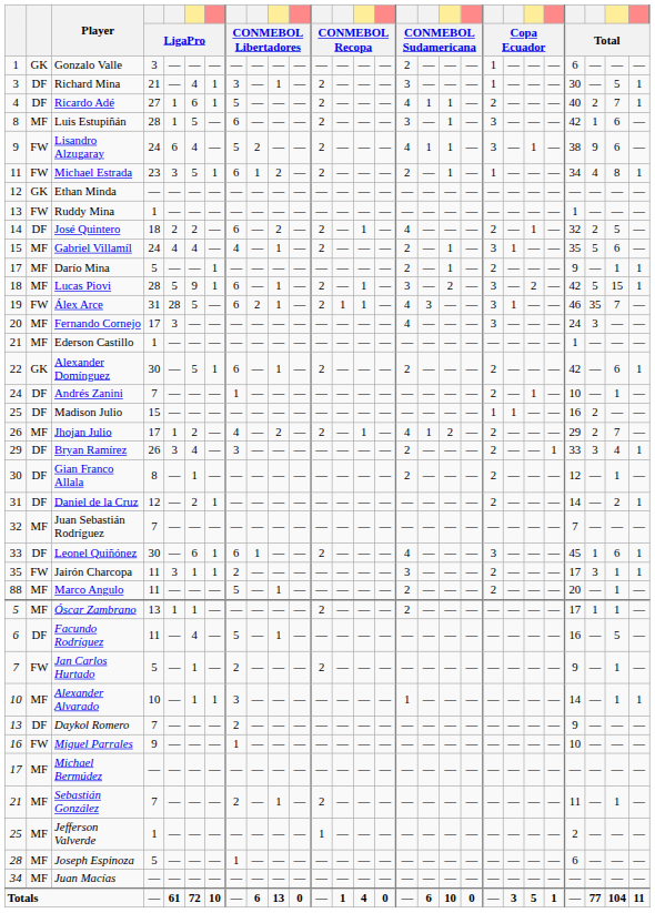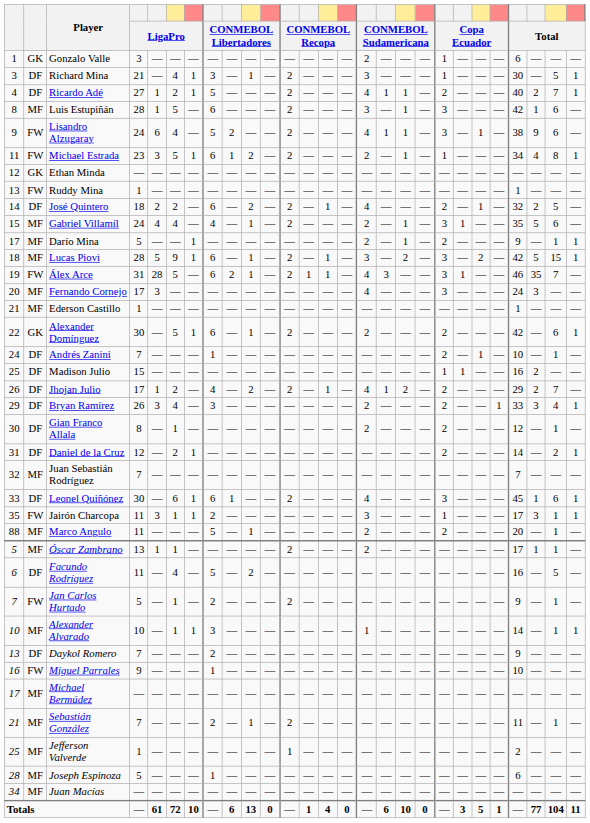 <table class="wikitable sortable" style="text-align: center;">
 <tr>
 <th rowspan="2" width=30 align="center"><br></th>
 <th rowspan="2" width=30 align="center"><br></th>
 <th rowspan="2" width=175 align="center">Player<br></th>
 <th width=25 style="background:"><br></th>
 <th width=25 style="background:"><br></th>
 <th width=25 style="background: #FFEE99"><br></th>
 <th width=25 style="border-right:2px solid grey; background:#FF8888"><br></th>
 <th width=25 style="background:"><br></th>
 <th width=25 style="background:"><br></th>
 <th width=25 style="background: #FFEE99"><br></th>
 <th width=25 style="border-right:2px solid grey; background:#FF8888"><br></th>
 <th width=25 style="background:"><br></th>
 <th width=25 style="background:"><br></th>
 <th width=25 style="background: #FFEE99"><br></th>
 <th width=25 style="border-right:2px solid grey; background:#FF8888"><br></th>
 <th width=25 style="background:"><br></th>
 <th width=25 style="background:"><br></th>
 <th width=25 style="background: #FFEE99"><br></th>
 <th width=25 style="border-right:2px solid grey; background:#FF8888"><br></th>
 <th width=25 style="background:"><br></th>
 <th width=25 style="background:"><br></th>
 <th width=25 style="background: #FFEE99"><br></th>
 <th width=25 style="border-right:2px solid grey; background:#FF8888"><br></th>
 <th width=25 style="background:"><br></th>
 <th width=25 style="background:"><br></th>
 <th width=25 style="background: #FFEE99"><br></th>
 <th width=25 style="border-right:2px solid grey; background:#FF8888"><br></th>
 </tr>
 <tr class="sortbottom">
 <th colspan="4" style="border-right:2px solid grey;" align="center"><a href='#'>LigaPro</a></th>
 <th colspan="4" style="border-right:2px solid grey;" align="center"><a href='#'>CONMEBOL<br>Libertadores</a></th>
 <th colspan="4" style="border-right:2px solid grey;" align="center"><a href='#'>CONMEBOL<br>Recopa</a></th>
 <th colspan="4" style="border-right:2px solid grey;" align="center"><a href='#'>CONMEBOL<br>Sudamericana</a></th>
 <th colspan="4" style="border-right:2px solid grey;" align="center"><a href='#'>Copa<br>Ecuador</a></th>
 <th colspan="4" align="center">Total</th>
 </tr>
 <tr>
 <td>1</td>
 <td>GK</td>
 <td align=left>Gonzalo Valle</td>
 <td>3</td>
 <td>—</td>
 <td>—</td>
 <td>—</td>
 <td style="border-left:2px solid grey">—</td>
 <td>—</td>
 <td>—</td>
 <td>—</td>
 <td style="border-left:2px solid grey">—</td>
 <td>—</td>
 <td>—</td>
 <td>—</td>
 <td style="border-left:2px solid grey">2</td>
 <td>—</td>
 <td>—</td>
 <td>—</td>
 <td style="border-left:2px solid grey">1</td>
 <td>—</td>
 <td>—</td>
 <td>—</td>
 <td style="border-left:2px solid grey">6</td>
 <td>—</td>
 <td>—</td>
 <td>—</td>
 </tr>
 <tr>
 <td>3</td>
 <td>DF</td>
 <td align=left>Richard Mina</td>
 <td>21</td>
 <td>—</td>
 <td>4</td>
 <td>1</td>
 <td style="border-left:2px solid grey">3</td>
 <td>—</td>
 <td>1</td>
 <td>—</td>
 <td style="border-left:2px solid grey">2</td>
 <td>—</td>
 <td>—</td>
 <td>—</td>
 <td style="border-left:2px solid grey">3</td>
 <td>—</td>
 <td>—</td>
 <td>—</td>
 <td style="border-left:2px solid grey">1</td>
 <td>—</td>
 <td>—</td>
 <td>—</td>
 <td style="border-left:2px solid grey">30</td>
 <td>—</td>
 <td>5</td>
 <td>1</td>
 </tr>
 <tr>
 <td>4</td>
 <td>DF</td>
 <td align=left><a href='#'>Ricardo Adé</a></td>
 <td>27</td>
 <td>1</td>
-<td>6</td>
+<td>2</td>
 <td>1</td>
 <td style="border-left:2px solid grey">5</td>
 <td>—</td>
 <td>—</td>
 <td>—</td>
 <td style="border-left:2px solid grey">2</td>
 <td>—</td>
 <td>—</td>
 <td>—</td>
 <td style="border-left:2px solid grey">4</td>
 <td>1</td>
 <td>1</td>
 <td>—</td>
 <td style="border-left:2px solid grey">2</td>
 <td>—</td>
 <td>—</td>
 <td>—</td>
 <td style="border-left:2px solid grey">40</td>
 <td>2</td>
 <td>7</td>
 <td>1</td>
 </tr>
 <tr>
 <td>8</td>
 <td>MF</td>
 <td align=left>Luis Estupiñán</td>
 <td>28</td>
 <td>1</td>
 <td>5</td>
 <td>—</td>
 <td style="border-left:2px solid grey">6</td>
 <td>—</td>
 <td>—</td>
 <td>—</td>
 <td style="border-left:2px solid grey">2</td>
 <td>—</td>
 <td>—</td>
 <td>—</td>
 <td style="border-left:2px solid grey">3</td>
 <td>—</td>
 <td>1</td>
 <td>—</td>
 <td style="border-left:2px solid grey">3</td>
 <td>—</td>
 <td>—</td>
 <td>—</td>
 <td style="border-left:2px solid grey">42</td>
 <td>1</td>
 <td>6</td>
 <td>—</td>
 </tr>
 <tr>
 <td>9</td>
 <td>FW</td>
 <td align=left><a href='#'>Lisandro Alzugaray</a></td>
 <td>24</td>
 <td>6</td>
 <td>4</td>
 <td>—</td>
 <td style="border-left:2px solid grey">5</td>
 <td>2</td>
 <td>—</td>
 <td>—</td>
 <td style="border-left:2px solid grey">2</td>
 <td>—</td>
 <td>—</td>
 <td>—</td>
 <td style="border-left:2px solid grey">4</td>
 <td>1</td>
 <td>1</td>
 <td>—</td>
 <td style="border-left:2px solid grey">3</td>
 <td>—</td>
 <td>1</td>
 <td>—</td>
 <td style="border-left:2px solid grey">38</td>
 <td>9</td>
 <td>6</td>
 <td>—</td>
 </tr>
 <tr>
 <td>11</td>
 <td>FW</td>
 <td align=left><a href='#'>Michael Estrada</a></td>
 <td>23</td>
 <td>3</td>
 <td>5</td>
 <td>1</td>
 <td style="border-left:2px solid grey">6</td>
 <td>1</td>
 <td>2</td>
 <td>—</td>
 <td style="border-left:2px solid grey">2</td>
 <td>—</td>
 <td>—</td>
 <td>—</td>
 <td style="border-left:2px solid grey">2</td>
 <td>—</td>
 <td>1</td>
 <td>—</td>
 <td style="border-left:2px solid grey">1</td>
 <td>—</td>
 <td>—</td>
 <td>—</td>
 <td style="border-left:2px solid grey">34</td>
 <td>4</td>
 <td>8</td>
 <td>1</td>
 </tr>
 <tr>
 <td>12</td>
 <td>GK</td>
 <td align=left>Ethan Minda</td>
 <td>—</td>
 <td>—</td>
 <td>—</td>
 <td>—</td>
 <td style="border-left:2px solid grey">—</td>
 <td>—</td>
 <td>—</td>
 <td>—</td>
 <td style="border-left:2px solid grey">—</td>
 <td>—</td>
 <td>—</td>
 <td>—</td>
 <td style="border-left:2px solid grey">—</td>
 <td>—</td>
 <td>—</td>
 <td>—</td>
 <td style="border-left:2px solid grey">—</td>
 <td>—</td>
 <td>—</td>
 <td>—</td>
 <td style="border-left:2px solid grey">—</td>
 <td>—</td>
 <td>—</td>
 <td>—</td>
 </tr>
 <tr>
 <td>13</td>
 <td>FW</td>
 <td align=left>Ruddy Mina</td>
 <td>1</td>
 <td>—</td>
 <td>—</td>
 <td>—</td>
 <td style="border-left:2px solid grey">—</td>
 <td>—</td>
 <td>—</td>
 <td>—</td>
 <td style="border-left:2px solid grey">—</td>
 <td>—</td>
 <td>—</td>
 <td>—</td>
 <td style="border-left:2px solid grey">—</td>
 <td>—</td>
 <td>—</td>
 <td>—</td>
 <td style="border-left:2px solid grey">—</td>
 <td>—</td>
 <td>—</td>
 <td>—</td>
 <td style="border-left:2px solid grey">1</td>
 <td>—</td>
 <td>—</td>
 <td>—</td>
 </tr>
 <tr>
 <td>14</td>
 <td>DF</td>
 <td align=left><a href='#'>José Quintero</a></td>
 <td>18</td>
 <td>2</td>
 <td>2</td>
 <td>—</td>
 <td style="border-left:2px solid grey">6</td>
 <td>—</td>
 <td>2</td>
 <td>—</td>
 <td style="border-left:2px solid grey">2</td>
 <td>—</td>
 <td>1</td>
 <td>—</td>
 <td style="border-left:2px solid grey">4</td>
 <td>—</td>
 <td>—</td>
 <td>—</td>
 <td style="border-left:2px solid grey">2</td>
 <td>—</td>
 <td>1</td>
 <td>—</td>
 <td style="border-left:2px solid grey">32</td>
 <td>2</td>
 <td>5</td>
 <td>—</td>
 </tr>
 <tr>
 <td>15</td>
 <td>MF</td>
 <td align=left><a href='#'>Gabriel Villamíl</a></td>
 <td>24</td>
 <td>4</td>
 <td>4</td>
 <td>—</td>
 <td style="border-left:2px solid grey">4</td>
 <td>—</td>
 <td>1</td>
 <td>—</td>
 <td style="border-left:2px solid grey">2</td>
 <td>—</td>
 <td>—</td>
 <td>—</td>
 <td style="border-left:2px solid grey">2</td>
 <td>—</td>
 <td>1</td>
 <td>—</td>
 <td style="border-left:2px solid grey">3</td>
 <td>1</td>
 <td>—</td>
 <td>—</td>
 <td style="border-left:2px solid grey">35</td>
 <td>5</td>
 <td>6</td>
 <td>—</td>
 </tr>
 <tr>
 <td>17</td>
 <td>MF</td>
 <td align=left>Darío Mina</td>
 <td>5</td>
 <td>—</td>
 <td>—</td>
 <td>1</td>
 <td style="border-left:2px solid grey">—</td>
 <td>—</td>
 <td>—</td>
 <td>—</td>
 <td style="border-left:2px solid grey">—</td>
 <td>—</td>
 <td>—</td>
 <td>—</td>
 <td style="border-left:2px solid grey">2</td>
 <td>—</td>
 <td>1</td>
 <td>—</td>
 <td style="border-left:2px solid grey">2</td>
 <td>—</td>
 <td>—</td>
 <td>—</td>
 <td style="border-left:2px solid grey">9</td>
 <td>—</td>
 <td>1</td>
 <td>1</td>
 </tr>
 <tr>
 <td>18</td>
 <td>MF</td>
 <td align=left><a href='#'>Lucas Piovi</a></td>
 <td>28</td>
 <td>5</td>
 <td>9</td>
 <td>1</td>
 <td style="border-left:2px solid grey">6</td>
 <td>—</td>
 <td>1</td>
 <td>—</td>
 <td style="border-left:2px solid grey">2</td>
 <td>—</td>
 <td>1</td>
 <td>—</td>
 <td style="border-left:2px solid grey">3</td>
 <td>—</td>
 <td>2</td>
 <td>—</td>
 <td style="border-left:2px solid grey">3</td>
 <td>—</td>
 <td>2</td>
 <td>—</td>
 <td style="border-left:2px solid grey">42</td>
 <td>5</td>
 <td>15</td>
 <td>1</td>
 </tr>
 <tr>
 <td>19</td>
 <td>FW</td>
 <td align=left><a href='#'>Álex Arce</a></td>
 <td>31</td>
 <td>28</td>
 <td>5</td>
 <td>—</td>
 <td style="border-left:2px solid grey">6</td>
 <td>2</td>
 <td>1</td>
 <td>—</td>
 <td style="border-left:2px solid grey">2</td>
 <td>1</td>
 <td>1</td>
 <td>—</td>
 <td style="border-left:2px solid grey">4</td>
 <td>3</td>
 <td>—</td>
 <td>—</td>
 <td style="border-left:2px solid grey">3</td>
 <td>1</td>
 <td>—</td>
 <td>—</td>
 <td style="border-left:2px solid grey">46</td>
 <td>35</td>
 <td>7</td>
 <td>—</td>
 </tr>
 <tr>
 <td>20</td>
 <td>MF</td>
 <td align=left><a href='#'>Fernando Cornejo</a></td>
 <td>17</td>
 <td>3</td>
 <td>—</td>
 <td>—</td>
 <td style="border-left:2px solid grey">—</td>
 <td>—</td>
 <td>—</td>
 <td>—</td>
 <td style="border-left:2px solid grey">—</td>
 <td>—</td>
 <td>—</td>
 <td>—</td>
 <td style="border-left:2px solid grey">4</td>
 <td>—</td>
 <td>—</td>
 <td>—</td>
 <td style="border-left:2px solid grey">3</td>
 <td>—</td>
 <td>—</td>
 <td>—</td>
 <td style="border-left:2px solid grey">24</td>
 <td>3</td>
 <td>—</td>
 <td>—</td>
 </tr>
 <tr>
 <td>21</td>
 <td>MF</td>
 <td align=left>Ederson Castillo</td>
 <td>1</td>
 <td>—</td>
 <td>—</td>
 <td>—</td>
 <td style="border-left:2px solid grey">—</td>
 <td>—</td>
 <td>—</td>
 <td>—</td>
 <td style="border-left:2px solid grey">—</td>
 <td>—</td>
 <td>—</td>
 <td>—</td>
 <td style="border-left:2px solid grey">—</td>
 <td>—</td>
 <td>—</td>
 <td>—</td>
 <td style="border-left:2px solid grey">—</td>
 <td>—</td>
 <td>—</td>
 <td>—</td>
 <td style="border-left:2px solid grey">1</td>
 <td>—</td>
 <td>—</td>
 <td>—</td>
 </tr>
 <tr>
 <td>22</td>
 <td>GK</td>
 <td align=left><a href='#'>Alexander Domínguez</a></td>
 <td>30</td>
 <td>—</td>
 <td>5</td>
 <td>1</td>
 <td style="border-left:2px solid grey">6</td>
 <td>—</td>
 <td>1</td>
 <td>—</td>
 <td style="border-left:2px solid grey">2</td>
 <td>—</td>
 <td>—</td>
 <td>—</td>
 <td style="border-left:2px solid grey">2</td>
 <td>—</td>
 <td>—</td>
 <td>—</td>
 <td style="border-left:2px solid grey">2</td>
 <td>—</td>
 <td>—</td>
 <td>—</td>
 <td style="border-left:2px solid grey">42</td>
 <td>—</td>
 <td>6</td>
 <td>1</td>
 </tr>
 <tr>
 <td>24</td>
 <td>DF</td>
 <td align=left><a href='#'>Andrés Zanini</a></td>
 <td>7</td>
 <td>—</td>
 <td>—</td>
 <td>—</td>
 <td style="border-left:2px solid grey">1</td>
 <td>—</td>
 <td>—</td>
 <td>—</td>
 <td style="border-left:2px solid grey">—</td>
 <td>—</td>
 <td>—</td>
 <td>—</td>
 <td style="border-left:2px solid grey">—</td>
 <td>—</td>
 <td>—</td>
 <td>—</td>
 <td style="border-left:2px solid grey">2</td>
 <td>—</td>
 <td>1</td>
 <td>—</td>
 <td style="border-left:2px solid grey">10</td>
 <td>—</td>
 <td>1</td>
 <td>—</td>
 </tr>
 <tr>
 <td>25</td>
 <td>DF</td>
 <td align=left>Madison Julio</td>
 <td>15</td>
 <td>—</td>
 <td>—</td>
 <td>—</td>
 <td style="border-left:2px solid grey">—</td>
 <td>—</td>
 <td>—</td>
 <td>—</td>
 <td style="border-left:2px solid grey">—</td>
 <td>—</td>
 <td>—</td>
 <td>—</td>
 <td style="border-left:2px solid grey">—</td>
 <td>—</td>
 <td>—</td>
 <td>—</td>
 <td style="border-left:2px solid grey">1</td>
 <td>1</td>
 <td>—</td>
 <td>—</td>
 <td style="border-left:2px solid grey">16</td>
 <td>2</td>
 <td>—</td>
 <td>—</td>
 </tr>
 <tr>
 <td>26</td>
-<td>MF</td>
+<td>DF</td>
 <td align=left><a href='#'>Jhojan Julio</a></td>
 <td>17</td>
 <td>1</td>
 <td>2</td>
 <td>—</td>
 <td style="border-left:2px solid grey">4</td>
 <td>—</td>
 <td>2</td>
 <td>—</td>
 <td style="border-left:2px solid grey">2</td>
 <td>—</td>
 <td>1</td>
 <td>—</td>
 <td style="border-left:2px solid grey">4</td>
 <td>1</td>
 <td>2</td>
 <td>—</td>
 <td style="border-left:2px solid grey">2</td>
 <td>—</td>
 <td>—</td>
 <td>—</td>
 <td style="border-left:2px solid grey">29</td>
 <td>2</td>
 <td>7</td>
 <td>—</td>
 </tr>
 <tr>
 <td>29</td>
 <td>DF</td>
 <td align=left><a href='#'>Bryan Ramírez</a></td>
 <td>26</td>
 <td>3</td>
 <td>4</td>
 <td>—</td>
 <td style="border-left:2px solid grey">3</td>
 <td>—</td>
 <td>—</td>
 <td>—</td>
 <td style="border-left:2px solid grey">—</td>
 <td>—</td>
 <td>—</td>
 <td>—</td>
 <td style="border-left:2px solid grey">2</td>
 <td>—</td>
 <td>—</td>
 <td>—</td>
 <td style="border-left:2px solid grey">2</td>
 <td>—</td>
 <td>—</td>
 <td>1</td>
 <td style="border-left:2px solid grey">33</td>
 <td>3</td>
 <td>4</td>
 <td>1</td>
 </tr>
 <tr>
 <td>30</td>
 <td>DF</td>
 <td align=left><a href='#'>Gian Franco Allala</a></td>
 <td>8</td>
 <td>—</td>
 <td>1</td>
 <td>—</td>
 <td style="border-left:2px solid grey">—</td>
 <td>—</td>
 <td>—</td>
 <td>—</td>
 <td style="border-left:2px solid grey">—</td>
 <td>—</td>
 <td>—</td>
 <td>—</td>
 <td style="border-left:2px solid grey">2</td>
 <td>—</td>
 <td>—</td>
 <td>—</td>
 <td style="border-left:2px solid grey">2</td>
 <td>—</td>
 <td>—</td>
 <td>—</td>
 <td style="border-left:2px solid grey">12</td>
 <td>—</td>
 <td>1</td>
 <td>—</td>
 </tr>
 <tr>
 <td>31</td>
 <td>DF</td>
 <td align=left><a href='#'>Daniel de la Cruz</a></td>
 <td>12</td>
 <td>—</td>
 <td>2</td>
 <td>1</td>
 <td style="border-left:2px solid grey">—</td>
 <td>—</td>
 <td>—</td>
 <td>—</td>
 <td style="border-left:2px solid grey">—</td>
 <td>—</td>
 <td>—</td>
 <td>—</td>
 <td style="border-left:2px solid grey">—</td>
 <td>—</td>
 <td>—</td>
 <td>—</td>
 <td style="border-left:2px solid grey">2</td>
 <td>—</td>
 <td>—</td>
 <td>—</td>
 <td style="border-left:2px solid grey">14</td>
 <td>—</td>
 <td>2</td>
 <td>1</td>
 </tr>
 <tr>
 <td>32</td>
 <td>MF</td>
 <td align=left>Juan Sebastián Rodríguez</td>
 <td>7</td>
 <td>—</td>
 <td>—</td>
 <td>—</td>
 <td style="border-left:2px solid grey">—</td>
 <td>—</td>
 <td>—</td>
 <td>—</td>
 <td style="border-left:2px solid grey">—</td>
 <td>—</td>
 <td>—</td>
 <td>—</td>
 <td style="border-left:2px solid grey">—</td>
 <td>—</td>
 <td>—</td>
 <td>—</td>
 <td style="border-left:2px solid grey">—</td>
 <td>—</td>
 <td>—</td>
 <td>—</td>
 <td style="border-left:2px solid grey">7</td>
 <td>—</td>
 <td>—</td>
 <td>—</td>
 </tr>
 <tr>
 <td>33</td>
 <td>DF</td>
 <td align=left><a href='#'>Leonel Quiñónez</a></td>
 <td>30</td>
 <td>—</td>
 <td>6</td>
 <td>1</td>
 <td style="border-left:2px solid grey">6</td>
 <td>1</td>
 <td>—</td>
 <td>—</td>
 <td style="border-left:2px solid grey">2</td>
 <td>—</td>
 <td>—</td>
 <td>—</td>
 <td style="border-left:2px solid grey">4</td>
 <td>—</td>
 <td>—</td>
 <td>—</td>
 <td style="border-left:2px solid grey">3</td>
 <td>—</td>
 <td>—</td>
 <td>—</td>
 <td style="border-left:2px solid grey">45</td>
 <td>1</td>
 <td>6</td>
 <td>1</td>
 </tr>
 <tr>
 <td>35</td>
 <td>FW</td>
 <td align=left>Jairón Charcopa</td>
 <td>11</td>
 <td>3</td>
 <td>1</td>
 <td>1</td>
 <td style="border-left:2px solid grey">2</td>
 <td>—</td>
 <td>—</td>
 <td>—</td>
 <td style="border-left:2px solid grey">—</td>
 <td>—</td>
 <td>—</td>
 <td>—</td>
 <td style="border-left:2px solid grey">3</td>
 <td>—</td>
 <td>—</td>
 <td>—</td>
-<td style="border-left:2px solid grey">2</td>
+<td style="border-left:2px solid grey">1</td>
 <td>—</td>
 <td>—</td>
 <td>—</td>
 <td style="border-left:2px solid grey">17</td>
 <td>3</td>
 <td>1</td>
 <td>1</td>
 </tr>
 <tr>
 <td>88</td>
 <td>MF</td>
 <td align=left><a href='#'>Marco Angulo</a></td>
 <td>11</td>
 <td>—</td>
 <td>—</td>
 <td>—</td>
 <td style="border-left:2px solid grey">5</td>
 <td>—</td>
 <td>1</td>
 <td>—</td>
 <td style="border-left:2px solid grey">—</td>
 <td>—</td>
 <td>—</td>
 <td>—</td>
 <td style="border-left:2px solid grey">2</td>
 <td>—</td>
 <td>—</td>
 <td>—</td>
 <td style="border-left:2px solid grey">2</td>
 <td>—</td>
 <td>—</td>
 <td>—</td>
 <td style="border-left:2px solid grey">20</td>
 <td>—</td>
 <td>1</td>
 <td>—</td>
 </tr>
 <tr>
 </tr>
 <tr style="border-top:2px solid grey">
 <td><em>5</em></td>
 <td>MF</td>
 <td align=left><em><a href='#'>Óscar Zambrano</a></em></td>
 <td>13</td>
 <td>1</td>
 <td>1</td>
 <td>—</td>
 <td style="border-left:2px solid grey">—</td>
 <td>—</td>
 <td>—</td>
 <td>—</td>
 <td style="border-left:2px solid grey">2</td>
 <td>—</td>
 <td>—</td>
 <td>—</td>
 <td style="border-left:2px solid grey">2</td>
 <td>—</td>
 <td>—</td>
 <td>—</td>
 <td style="border-left:2px solid grey">—</td>
 <td>—</td>
 <td>—</td>
 <td>—</td>
 <td style="border-left:2px solid grey">17</td>
 <td>1</td>
 <td>1</td>
 <td>—</td>
 </tr>
 <tr>
 <td><em>6</em></td>
 <td>DF</td>
 <td align=left><em><a href='#'>Facundo Rodríguez</a></em></td>
 <td>11</td>
 <td>—</td>
 <td>4</td>
 <td>—</td>
 <td style="border-left:2px solid grey">5</td>
 <td>—</td>
-<td>1</td>
+<td>2</td>
 <td>—</td>
 <td style="border-left:2px solid grey">—</td>
 <td>—</td>
 <td>—</td>
 <td>—</td>
 <td style="border-left:2px solid grey">—</td>
 <td>—</td>
 <td>—</td>
 <td>—</td>
 <td style="border-left:2px solid grey">—</td>
 <td>—</td>
 <td>—</td>
 <td>—</td>
 <td style="border-left:2px solid grey">16</td>
 <td>—</td>
 <td>5</td>
 <td>—</td>
 </tr>
 <tr>
 <td><em>7</em></td>
 <td>FW</td>
 <td align=left><em><a href='#'>Jan Carlos Hurtado</a></em></td>
 <td>5</td>
 <td>—</td>
 <td>1</td>
 <td>—</td>
 <td style="border-left:2px solid grey">2</td>
 <td>—</td>
 <td>—</td>
 <td>—</td>
 <td style="border-left:2px solid grey">2</td>
 <td>—</td>
 <td>—</td>
 <td>—</td>
 <td style="border-left:2px solid grey">—</td>
 <td>—</td>
 <td>—</td>
 <td>—</td>
 <td style="border-left:2px solid grey">—</td>
 <td>—</td>
 <td>—</td>
 <td>—</td>
 <td style="border-left:2px solid grey">9</td>
 <td>—</td>
 <td>1</td>
 <td>—</td>
 </tr>
 <tr>
 <td><em>10</em></td>
 <td>MF</td>
 <td align=left><em><a href='#'>Alexander Alvarado</a></em></td>
 <td>10</td>
 <td>—</td>
 <td>1</td>
 <td>1</td>
 <td style="border-left:2px solid grey">3</td>
 <td>—</td>
 <td>—</td>
 <td>—</td>
 <td style="border-left:2px solid grey">—</td>
 <td>—</td>
 <td>—</td>
 <td>—</td>
 <td style="border-left:2px solid grey">1</td>
 <td>—</td>
 <td>—</td>
 <td>—</td>
 <td style="border-left:2px solid grey">—</td>
 <td>—</td>
 <td>—</td>
 <td>—</td>
 <td style="border-left:2px solid grey">14</td>
 <td>—</td>
 <td>1</td>
 <td>1</td>
 </tr>
 <tr>
 <td><em>13</em></td>
 <td>DF</td>
 <td align=left><em>Daykol Romero</em></td>
 <td>7</td>
 <td>—</td>
 <td>—</td>
 <td>—</td>
 <td style="border-left:2px solid grey">2</td>
 <td>—</td>
 <td>—</td>
 <td>—</td>
 <td style="border-left:2px solid grey">—</td>
 <td>—</td>
 <td>—</td>
 <td>—</td>
 <td style="border-left:2px solid grey">—</td>
 <td>—</td>
 <td>—</td>
 <td>—</td>
 <td style="border-left:2px solid grey">—</td>
 <td>—</td>
 <td>—</td>
 <td>—</td>
 <td style="border-left:2px solid grey">9</td>
 <td>—</td>
 <td>—</td>
 <td>—</td>
 </tr>
 <tr>
 <td><em>16</em></td>
 <td>FW</td>
 <td align=left><em><a href='#'>Miguel Parrales</a></em></td>
 <td>9</td>
 <td>—</td>
 <td>—</td>
 <td>—</td>
 <td style="border-left:2px solid grey">1</td>
 <td>—</td>
 <td>—</td>
 <td>—</td>
 <td style="border-left:2px solid grey">—</td>
 <td>—</td>
 <td>—</td>
 <td>—</td>
 <td style="border-left:2px solid grey">—</td>
 <td>—</td>
 <td>—</td>
 <td>—</td>
 <td style="border-left:2px solid grey">—</td>
 <td>—</td>
 <td>—</td>
 <td>—</td>
 <td style="border-left:2px solid grey">10</td>
 <td>—</td>
 <td>—</td>
 <td>—</td>
 </tr>
 <tr>
 <td><em>17</em></td>
 <td>MF</td>
 <td align=left><em><a href='#'>Michael Bermúdez</a></em></td>
 <td>—</td>
 <td>—</td>
 <td>—</td>
 <td>—</td>
 <td style="border-left:2px solid grey">—</td>
 <td>—</td>
 <td>—</td>
 <td>—</td>
 <td style="border-left:2px solid grey">—</td>
 <td>—</td>
 <td>—</td>
 <td>—</td>
 <td style="border-left:2px solid grey">—</td>
 <td>—</td>
 <td>—</td>
 <td>—</td>
 <td style="border-left:2px solid grey">—</td>
 <td>—</td>
 <td>—</td>
 <td>—</td>
 <td style="border-left:2px solid grey">—</td>
 <td>—</td>
 <td>—</td>
 <td>—</td>
 </tr>
 <tr>
 <td><em>21</em></td>
 <td>MF</td>
 <td align=left><em><a href='#'>Sebastián González</a></em></td>
 <td>7</td>
 <td>—</td>
 <td>—</td>
 <td>—</td>
 <td style="border-left:2px solid grey">2</td>
 <td>—</td>
 <td>1</td>
 <td>—</td>
 <td style="border-left:2px solid grey">2</td>
 <td>—</td>
 <td>—</td>
 <td>—</td>
 <td style="border-left:2px solid grey">—</td>
 <td>—</td>
 <td>—</td>
 <td>—</td>
 <td style="border-left:2px solid grey">—</td>
 <td>—</td>
 <td>—</td>
 <td>—</td>
 <td style="border-left:2px solid grey">11</td>
 <td>—</td>
 <td>1</td>
 <td>—</td>
 </tr>
 <tr>
 <td><em>25</em></td>
 <td>MF</td>
 <td align=left><em>Jefferson Valverde</em></td>
 <td>1</td>
 <td>—</td>
 <td>—</td>
 <td>—</td>
 <td style="border-left:2px solid grey">—</td>
 <td>—</td>
 <td>—</td>
 <td>—</td>
 <td style="border-left:2px solid grey">1</td>
 <td>—</td>
 <td>—</td>
 <td>—</td>
 <td style="border-left:2px solid grey">—</td>
 <td>—</td>
 <td>—</td>
 <td>—</td>
 <td style="border-left:2px solid grey">—</td>
 <td>—</td>
 <td>—</td>
 <td>—</td>
 <td style="border-left:2px solid grey">2</td>
 <td>—</td>
 <td>—</td>
 <td>—</td>
 </tr>
 <tr>
 <td><em>28</em></td>
 <td>MF</td>
 <td align=left><em>Joseph Espinoza</em></td>
 <td>5</td>
 <td>—</td>
 <td>—</td>
 <td>—</td>
 <td style="border-left:2px solid grey">1</td>
 <td>—</td>
 <td>—</td>
 <td>—</td>
 <td style="border-left:2px solid grey">—</td>
 <td>—</td>
 <td>—</td>
 <td>—</td>
 <td style="border-left:2px solid grey">—</td>
 <td>—</td>
 <td>—</td>
 <td>—</td>
 <td style="border-left:2px solid grey">—</td>
 <td>—</td>
 <td>—</td>
 <td>—</td>
 <td style="border-left:2px solid grey">6</td>
 <td>—</td>
 <td>—</td>
 <td>—</td>
 </tr>
 <tr>
 <td><em>34</em></td>
 <td>MF</td>
 <td align=left><em>Juan Macías</em></td>
 <td>—</td>
 <td>—</td>
 <td>—</td>
 <td>—</td>
 <td style="border-left:2px solid grey">—</td>
 <td>—</td>
 <td>—</td>
 <td>—</td>
 <td style="border-left:2px solid grey">—</td>
 <td>—</td>
 <td>—</td>
 <td>—</td>
 <td style="border-left:2px solid grey">—</td>
 <td>—</td>
 <td>—</td>
 <td>—</td>
 <td style="border-left:2px solid grey">—</td>
 <td>—</td>
 <td>—</td>
 <td>—</td>
 <td style="border-left:2px solid grey">—</td>
 <td>—</td>
 <td>—</td>
 <td>—</td>
 </tr>
 <tr>
 </tr>
 <tr class="sortbottom" style="border-top:2px solid grey">
 <td colspan=3 align=left><strong>Totals</strong></td>
 <td>—</td>
 <td><strong>61</strong></td>
 <td><strong>72</strong></td>
 <td><strong>10</strong></td>
 <td style="border-left:2px solid grey">—</td>
 <td><strong>6</strong></td>
 <td><strong>13</strong></td>
 <td><strong>0</strong></td>
 <td style="border-left:2px solid grey">—</td>
 <td><strong>1</strong></td>
 <td><strong>4</strong></td>
 <td><strong>0</strong></td>
 <td style="border-left:2px solid grey">—</td>
 <td><strong>6</strong></td>
 <td><strong>10</strong></td>
 <td><strong>0</strong></td>
 <td style="border-left:2px solid grey">—</td>
 <td><strong>3</strong></td>
 <td><strong>5</strong></td>
 <td><strong>1</strong></td>
 <td style="border-left:2px solid grey">—</td>
 <td><strong>77</strong></td>
 <td><strong>104</strong></td>
 <td><strong>11</strong></td>
 </tr>
 </table>
